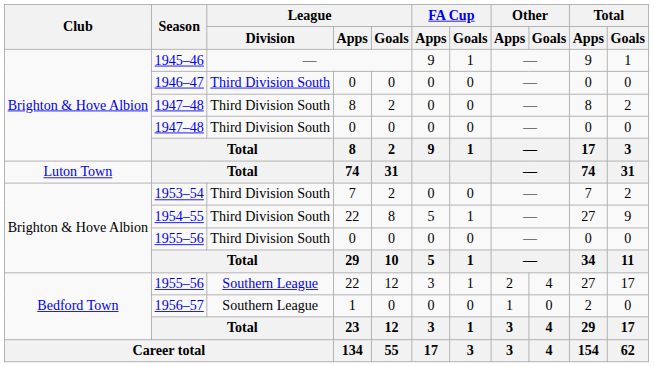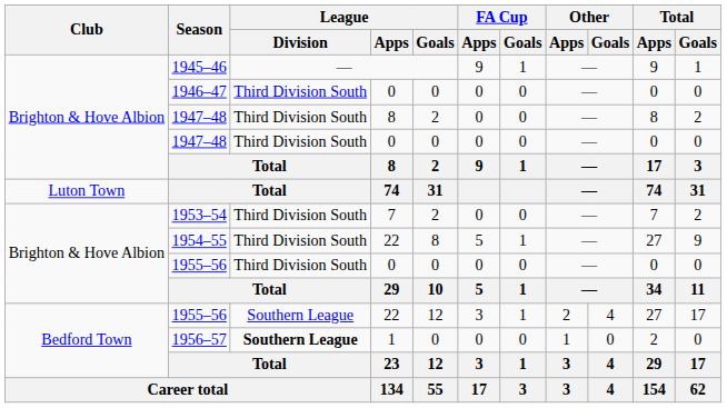 <table class="wikitable" style=text-align:center>
 <tr>
 <th rowspan=2>Club</th>
 <th rowspan=2>Season</th>
 <th colspan=3>League</th>
 <th colspan=2><a href='#'>FA Cup</a></th>
 <th colspan=2>Other</th>
 <th colspan=2>Total</th>
 </tr>
 <tr>
 <th>Division</th>
 <th>Apps</th>
 <th>Goals</th>
 <th>Apps</th>
 <th>Goals</th>
 <th>Apps</th>
 <th>Goals</th>
 <th>Apps</th>
 <th>Goals</th>
 </tr>
 <tr>
 <td rowspan=5><a href='#'>Brighton & Hove Albion</a></td>
 <td><a href='#'>1945–46</a></td>
 <td colspan=3>—</td>
 <td>9</td>
 <td>1</td>
 <td colspan=2>—</td>
 <td>9</td>
 <td>1</td>
 </tr>
 <tr>
 <td><a href='#'>1946–47</a></td>
 <td><a href='#'>Third Division South</a></td>
 <td>0</td>
 <td>0</td>
 <td>0</td>
 <td>0</td>
 <td colspan=2>—</td>
 <td>0</td>
 <td>0</td>
 </tr>
 <tr>
 <td><a href='#'>1947–48</a></td>
 <td>Third Division South</td>
 <td>8</td>
 <td>2</td>
 <td>0</td>
 <td>0</td>
 <td colspan=2>—</td>
 <td>8</td>
 <td>2</td>
 </tr>
 <tr>
 <td><a href='#'>1947–48</a></td>
 <td>Third Division South</td>
 <td>0</td>
 <td>0</td>
 <td>0</td>
 <td>0</td>
 <td colspan=2>—</td>
 <td>0</td>
 <td>0</td>
 </tr>
 <tr>
 <th colspan=2>Total</th>
 <th>8</th>
 <th>2</th>
 <th>9</th>
 <th>1</th>
 <th colspan=2>—</th>
 <th>17</th>
 <th>3</th>
 </tr>
 <tr>
 <td rowspan=><a href='#'>Luton Town</a></td>
 <th colspan=2>Total</th>
 <th>74</th>
 <th>31</th>
 <th></th>
 <th></th>
 <th colspan=2>—</th>
 <th>74</th>
 <th>31</th>
 </tr>
 <tr>
 <td rowspan=4>Brighton & Hove Albion</td>
 <td><a href='#'>1953–54</a></td>
 <td>Third Division South</td>
 <td>7</td>
 <td>2</td>
 <td>0</td>
 <td>0</td>
 <td colspan=2>—</td>
 <td>7</td>
 <td>2</td>
 </tr>
 <tr>
 <td><a href='#'>1954–55</a></td>
 <td>Third Division South</td>
 <td>22</td>
 <td>8</td>
 <td>5</td>
 <td>1</td>
 <td colspan=2>—</td>
 <td>27</td>
 <td>9</td>
 </tr>
 <tr>
 <td><a href='#'>1955–56</a></td>
 <td>Third Division South</td>
 <td>0</td>
 <td>0</td>
 <td>0</td>
 <td>0</td>
 <td colspan=2>—</td>
 <td>0</td>
 <td>0</td>
 </tr>
 <tr>
 <th colspan=2>Total</th>
 <th>29</th>
 <th>10</th>
 <th>5</th>
 <th>1</th>
 <th colspan=2>—</th>
 <th>34</th>
 <th>11</th>
 </tr>
 <tr>
 <td rowspan=3><a href='#'>Bedford Town</a></td>
 <td><a href='#'>1955–56</a></td>
 <td><a href='#'>Southern League</a></td>
 <td>22</td>
 <td>12</td>
 <td>3</td>
 <td>1</td>
 <td>2</td>
 <td>4</td>
 <td>27</td>
 <td>17</td>
 </tr>
 <tr>
 <td><a href='#'>1956–57</a></td>
-<td>Southern League</td>
+<td><strong>Southern League</strong></td>
 <td>1</td>
 <td>0</td>
 <td>0</td>
 <td>0</td>
 <td>1</td>
 <td>0</td>
 <td>2</td>
 <td>0</td>
 </tr>
 <tr>
 <th colspan=2>Total</th>
 <th>23</th>
 <th>12</th>
 <th>3</th>
 <th>1</th>
 <th>3</th>
 <th>4</th>
 <th>29</th>
 <th>17</th>
 </tr>
 <tr>
 <th colspan=3>Career total</th>
 <th>134</th>
 <th>55</th>
 <th>17</th>
 <th>3</th>
 <th>3</th>
 <th>4</th>
 <th>154</th>
 <th>62</th>
 </tr>
 </table>
